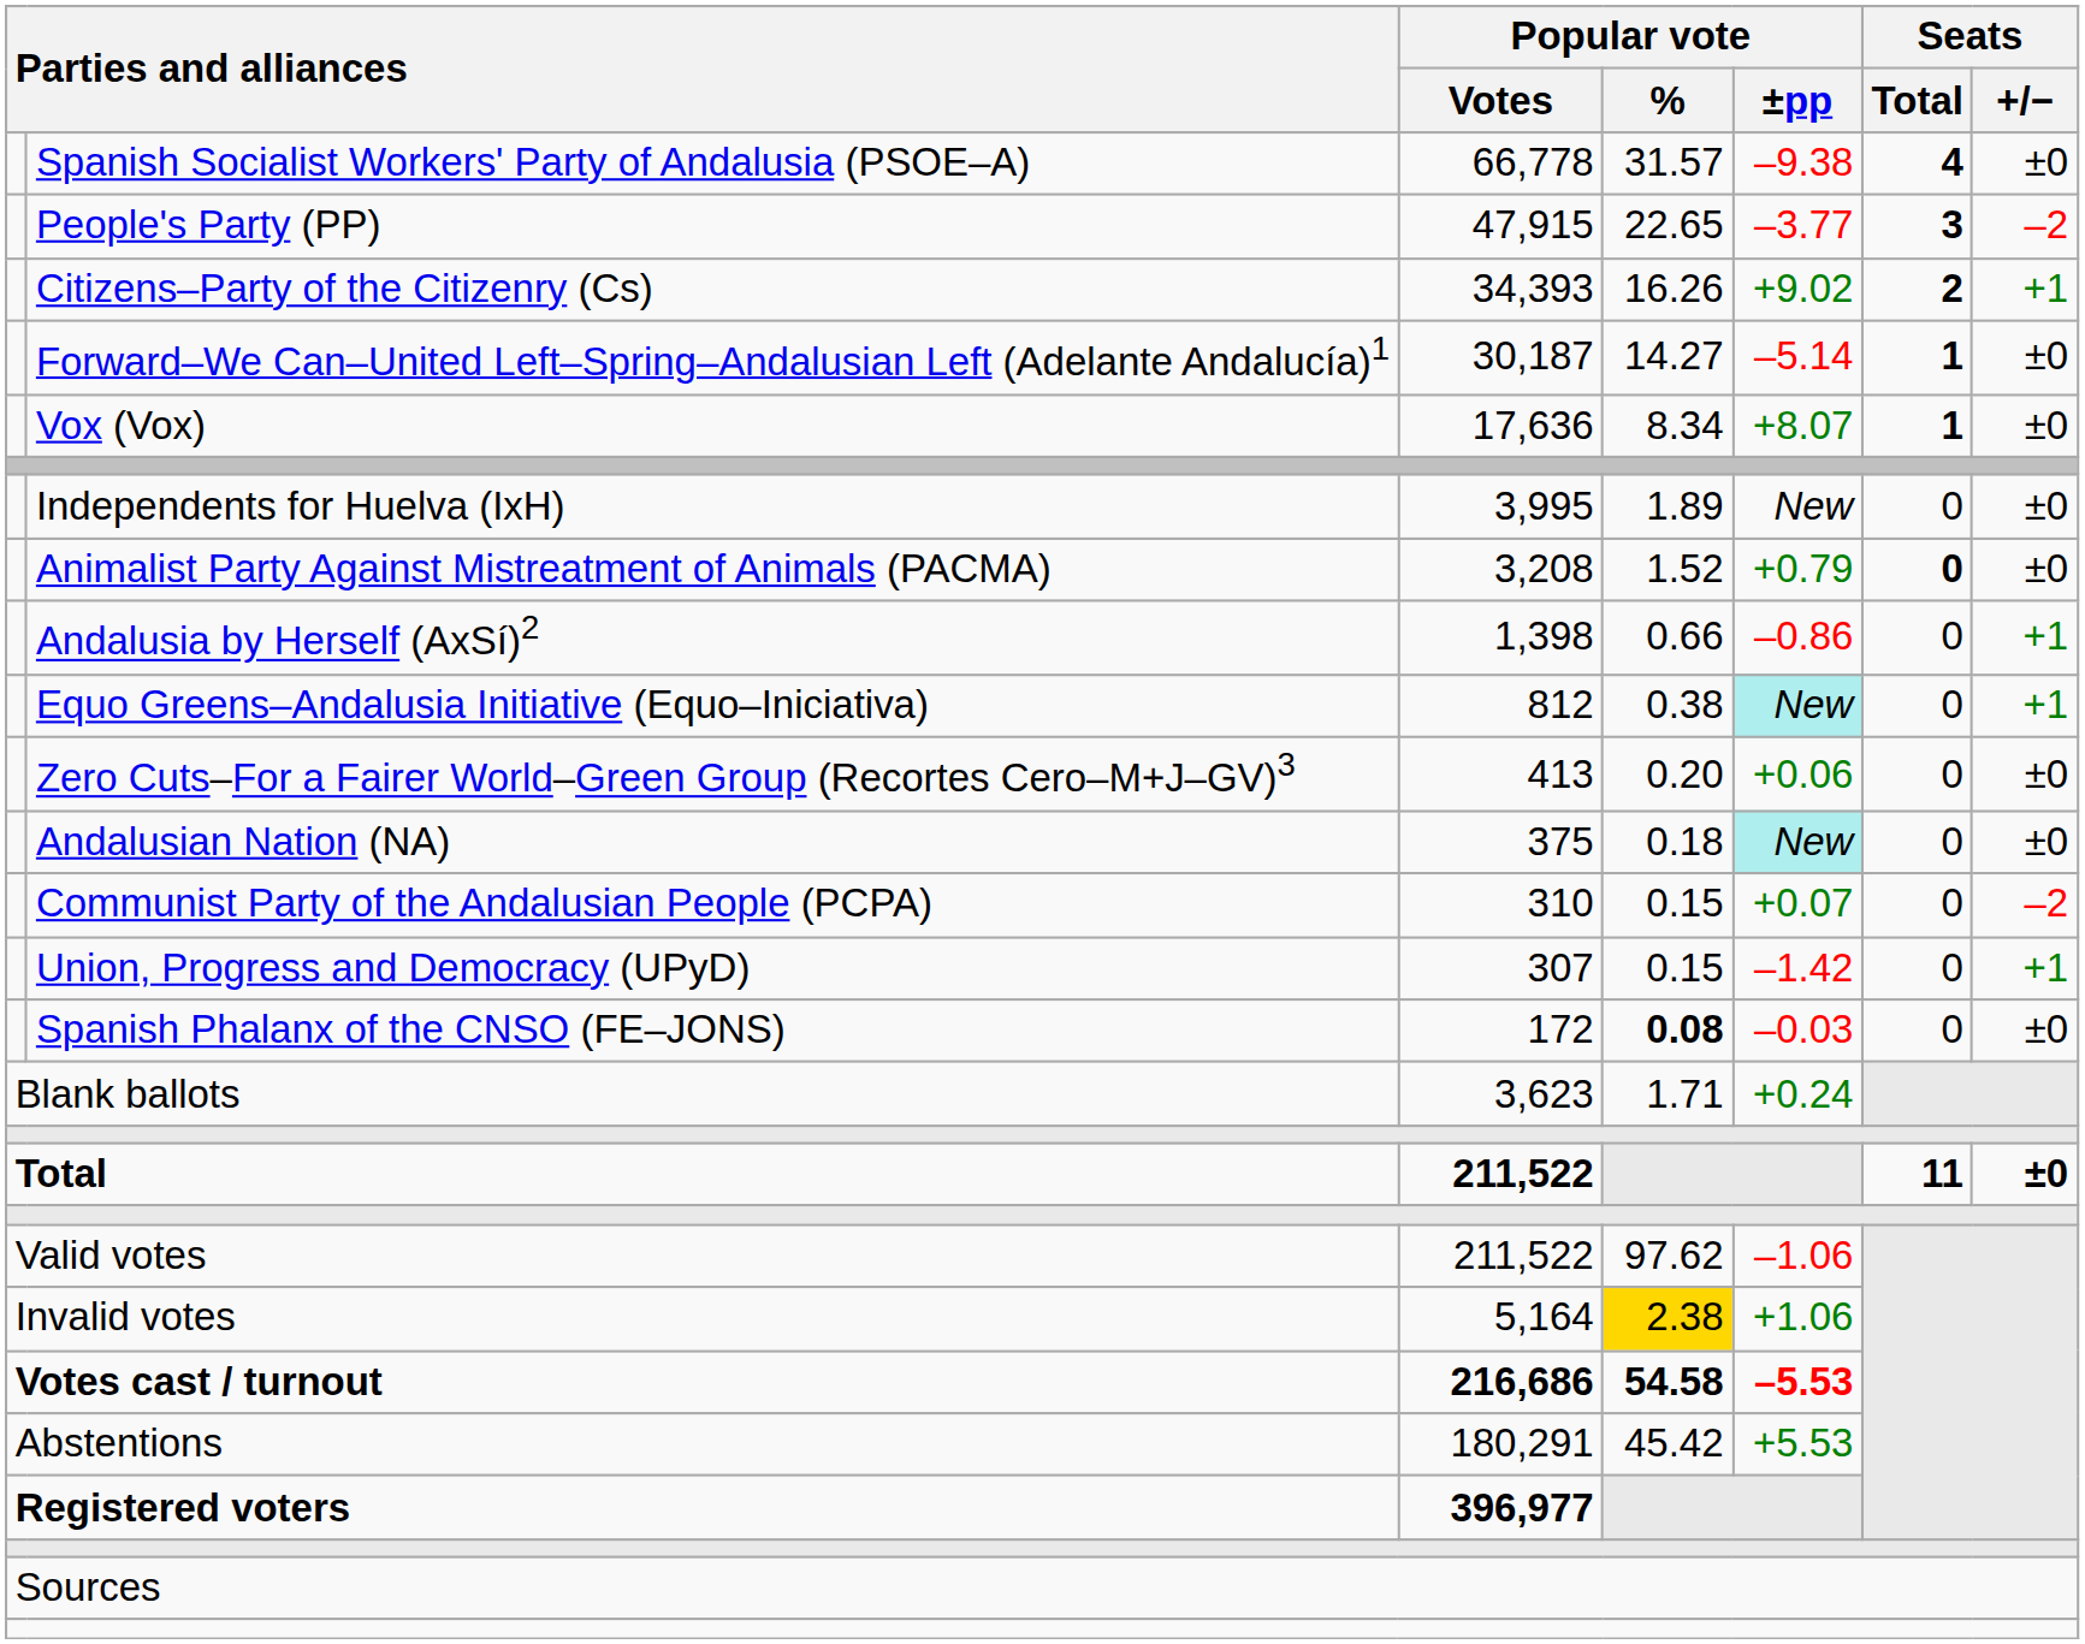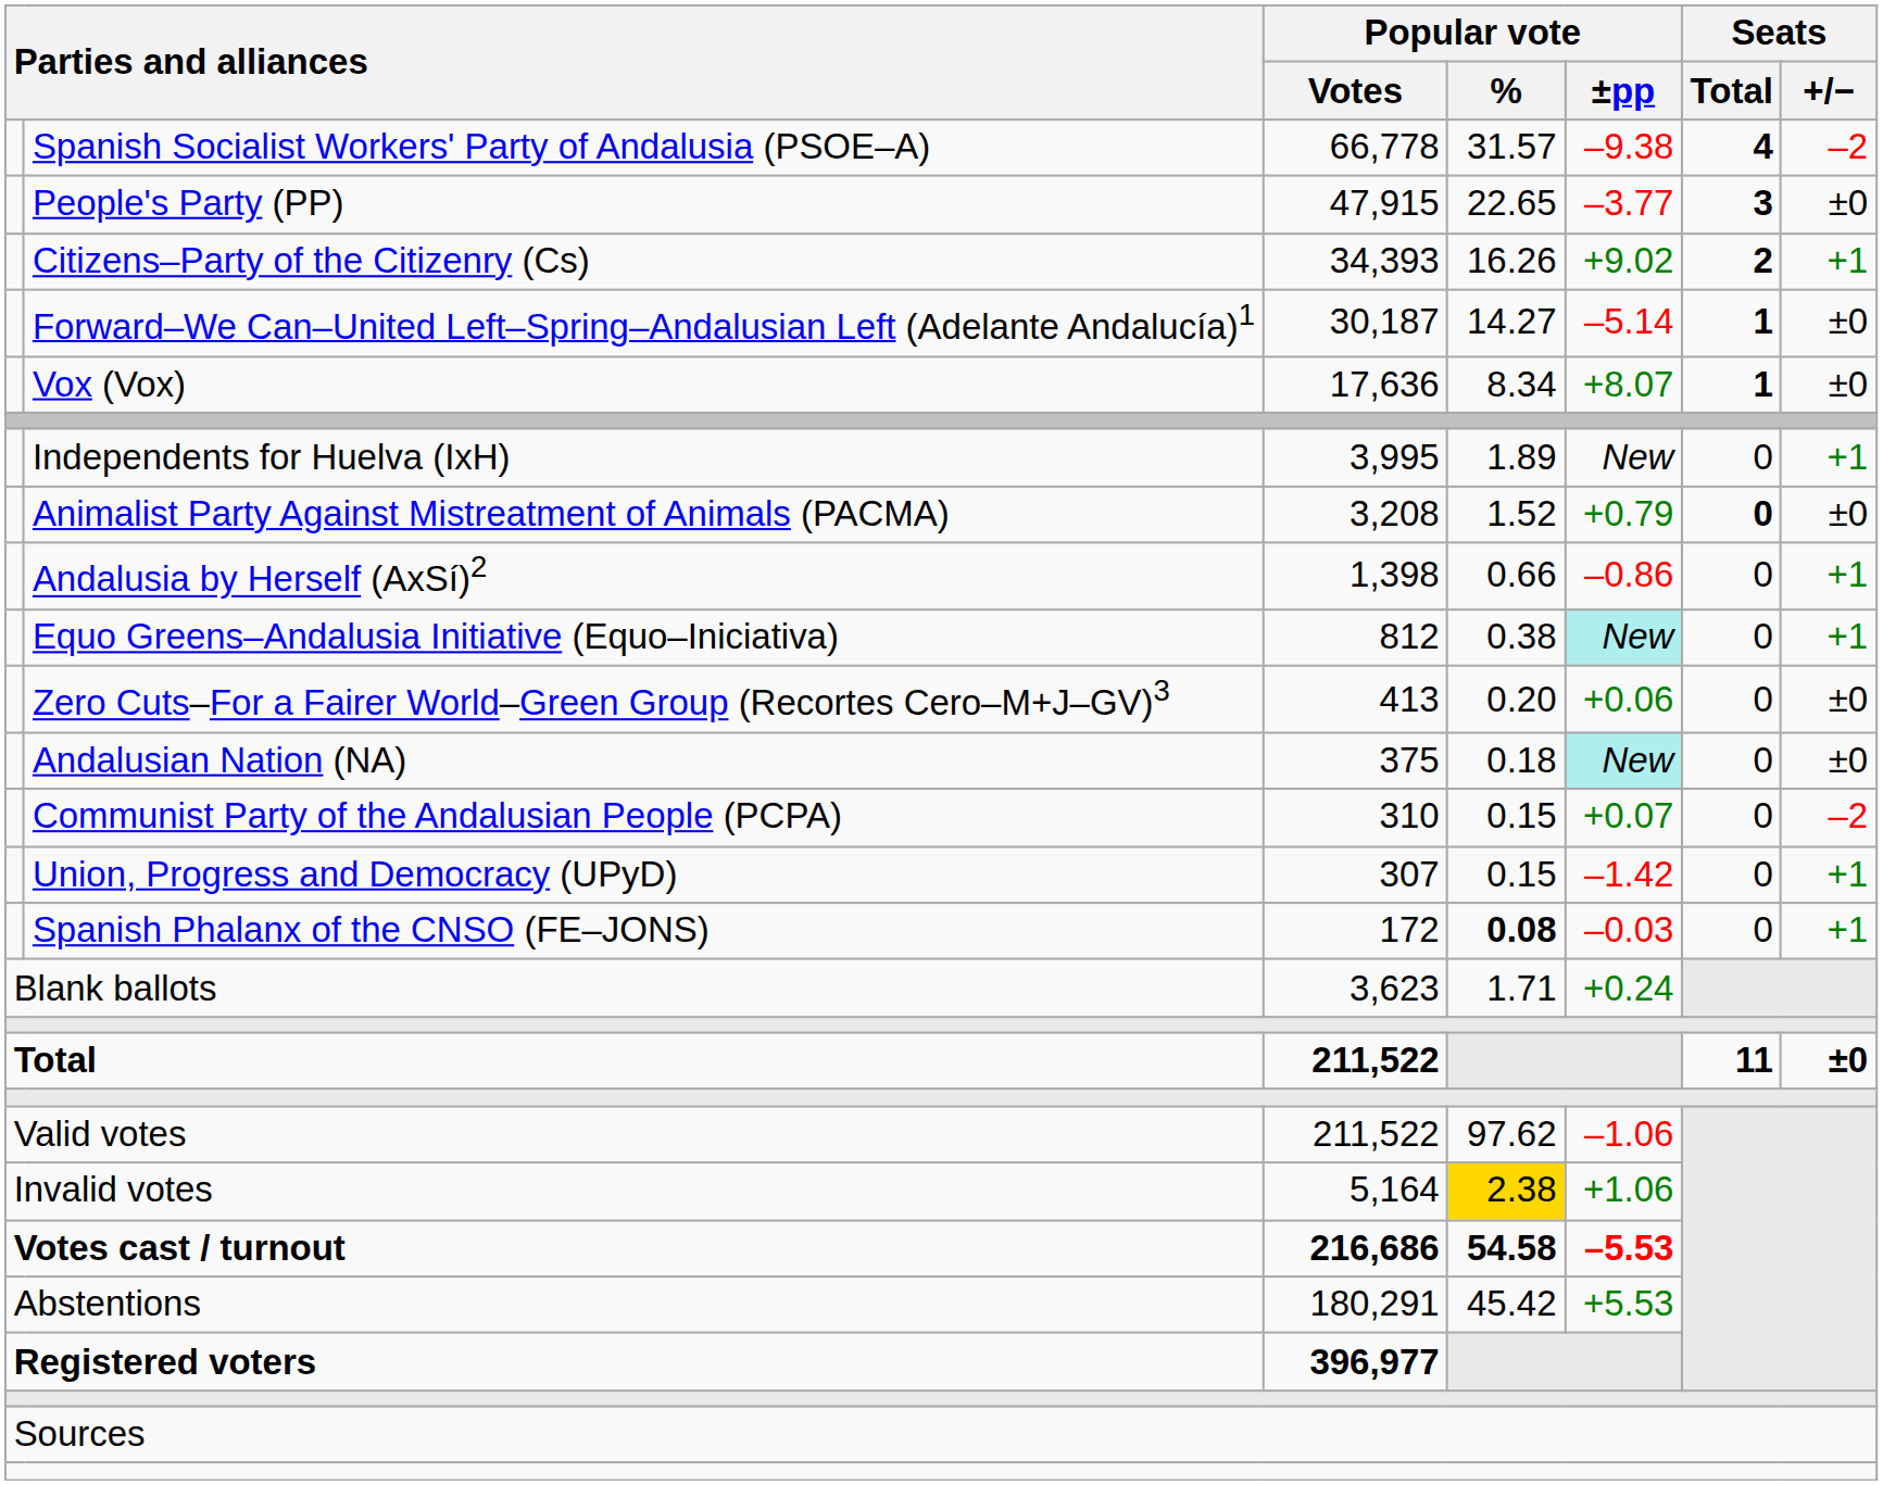 <table class="wikitable" style="text-align:right;">
 <tr>
 <th style="text-align:left;" rowspan="2" colspan="2" width="525">Parties and alliances</th>
 <th colspan="3">Popular vote</th>
 <th colspan="2">Seats</th>
 </tr>
 <tr>
 <th width="75">Votes</th>
 <th width="45">%</th>
 <th width="45">±<a href='#'>pp</a></th>
 <th width="35">Total</th>
 <th width="35">+/−</th>
 </tr>
 <tr>
 <td width="1" style="color:inherit;background:"></td>
 <td align="left"><a href='#'>Spanish Socialist Workers' Party of Andalusia</a> (PSOE–A)</td>
 <td>66,778</td>
 <td>31.57</td>
 <td style="color:red;">–9.38</td>
 <td><strong>4</strong></td>
-<td>±0</td>
+<td style="color:red;">–2</td>
 </tr>
 <tr>
 <td style="color:inherit;background:"></td>
 <td align="left"><a href='#'>People's Party</a> (PP)</td>
 <td>47,915</td>
 <td>22.65</td>
 <td style="color:red;">–3.77</td>
 <td><strong>3</strong></td>
-<td style="color:red;">–2</td>
+<td>±0</td>
 </tr>
 <tr>
 <td style="color:inherit;background:"></td>
 <td align="left"><a href='#'>Citizens–Party of the Citizenry</a> (Cs)</td>
 <td>34,393</td>
 <td>16.26</td>
 <td style="color:green;">+9.02</td>
 <td><strong>2</strong></td>
 <td style="color:green;">+1</td>
 </tr>
 <tr>
 <td style="color:inherit;background:"></td>
 <td align="left"><a href='#'>Forward–We Can–United Left–Spring–Andalusian Left</a> (Adelante Andalucía)<sup>1</sup></td>
 <td>30,187</td>
 <td>14.27</td>
 <td style="color:red;">–5.14</td>
 <td><strong>1</strong></td>
 <td>±0</td>
 </tr>
 <tr>
 <td style="color:inherit;background:"></td>
 <td align="left"><a href='#'>Vox</a> (Vox)</td>
 <td>17,636</td>
 <td>8.34</td>
 <td style="color:green;">+8.07</td>
 <td><strong>1</strong></td>
 <td>±0</td>
 </tr>
 <tr>
 <td colspan="7" bgcolor="#C0C0C0"></td>
 </tr>
 <tr>
 <td style="color:inherit;background:"></td>
 <td align="left">Independents for Huelva (IxH)</td>
 <td>3,995</td>
 <td>1.89</td>
 <td><em>New</em></td>
 <td>0</td>
-<td>±0</td>
+<td style="color:green;">+1</td>
 </tr>
 <tr>
 <td style="color:inherit;background:"></td>
 <td align="left"><a href='#'>Animalist Party Against Mistreatment of Animals</a> (PACMA)</td>
 <td>3,208</td>
 <td>1.52</td>
 <td style="color:green;">+0.79</td>
 <td><strong>0</strong></td>
 <td>±0</td>
 </tr>
 <tr>
 <td style="color:inherit;background:"></td>
 <td align="left"><a href='#'>Andalusia by Herself</a> (AxSí)<sup>2</sup></td>
 <td>1,398</td>
 <td>0.66</td>
 <td style="color:red;">–0.86</td>
 <td>0</td>
 <td style="color:green;">+1</td>
 </tr>
 <tr>
 <td style="color:inherit;background:"></td>
 <td align="left"><a href='#'>Equo Greens–Andalusia Initiative</a> (Equo–Iniciativa)</td>
 <td>812</td>
 <td>0.38</td>
 <td style="background: paleturquoise;"><em>New</em></td>
 <td>0</td>
 <td style="color:green;">+1</td>
 </tr>
 <tr>
 <td style="color:inherit;background:"></td>
 <td align="left"><a href='#'>Zero Cuts</a>–<a href='#'>For a Fairer World</a>–<a href='#'>Green Group</a> (Recortes Cero–M+J–GV)<sup>3</sup></td>
 <td>413</td>
 <td>0.20</td>
 <td style="color:green;">+0.06</td>
 <td>0</td>
 <td>±0</td>
 </tr>
 <tr>
 <td style="color:inherit;background:"></td>
 <td align="left"><a href='#'>Andalusian Nation</a> (NA)</td>
 <td>375</td>
 <td>0.18</td>
 <td style="background: paleturquoise;"><em>New</em></td>
 <td>0</td>
 <td>±0</td>
 </tr>
 <tr>
 <td style="color:inherit;background:"></td>
 <td align="left"><a href='#'>Communist Party of the Andalusian People</a> (PCPA)</td>
 <td>310</td>
 <td>0.15</td>
 <td style="color:green;">+0.07</td>
 <td>0</td>
 <td style="color:red;">–2</td>
 </tr>
 <tr>
 <td style="color:inherit;background:"></td>
 <td align="left"><a href='#'>Union, Progress and Democracy</a> (UPyD)</td>
 <td>307</td>
 <td>0.15</td>
 <td style="color:red;">–1.42</td>
 <td>0</td>
 <td style="color:green;">+1</td>
 </tr>
 <tr>
 <td style="color:inherit;background:"></td>
 <td align="left"><a href='#'>Spanish Phalanx of the CNSO</a> (FE–JONS)</td>
 <td>172</td>
 <td><strong>0.08</strong></td>
 <td style="color:red;">–0.03</td>
 <td>0</td>
-<td>±0</td>
+<td style="color:green;">+1</td>
 </tr>
 <tr>
 <td align="left" colspan="2">Blank ballots</td>
 <td>3,623</td>
 <td>1.71</td>
 <td style="color:green;">+0.24</td>
 <td bgcolor="#E9E9E9" colspan="2"></td>
 </tr>
 <tr>
 <td colspan="7" bgcolor="#E9E9E9"></td>
 </tr>
 <tr style="font-weight:bold;">
 <td align="left" colspan="2">Total</td>
 <td>211,522</td>
 <td bgcolor="#E9E9E9" colspan="2"></td>
 <td>11</td>
 <td>±0</td>
 </tr>
 <tr>
 <td colspan="7" bgcolor="#E9E9E9"></td>
 </tr>
 <tr>
 <td align="left" colspan="2">Valid votes</td>
 <td>211,522</td>
 <td>97.62</td>
 <td style="color:red;">–1.06</td>
 <td bgcolor="#E9E9E9" colspan="2" rowspan="5"></td>
 </tr>
 <tr>
 <td align="left" colspan="2">Invalid votes</td>
 <td>5,164</td>
 <td style="background: gold;">2.38</td>
 <td style="color:green;">+1.06</td>
 </tr>
 <tr style="font-weight:bold;">
 <td align="left" colspan="2">Votes cast / turnout</td>
 <td>216,686</td>
 <td>54.58</td>
 <td style="color:red;">–5.53</td>
 </tr>
 <tr>
 <td align="left" colspan="2">Abstentions</td>
 <td>180,291</td>
 <td>45.42</td>
 <td style="color:green;">+5.53</td>
 </tr>
 <tr style="font-weight:bold;">
 <td align="left" colspan="2">Registered voters</td>
 <td>396,977</td>
 <td bgcolor="#E9E9E9" colspan="2"></td>
 </tr>
 <tr>
 <td colspan="7" bgcolor="#E9E9E9"></td>
 </tr>
 <tr>
 <td align="left" colspan="7">Sources</td>
 </tr>
 <tr>
 <td colspan="7" style="text-align:left; max-width:790px;"></td>
 </tr>
 </table>
